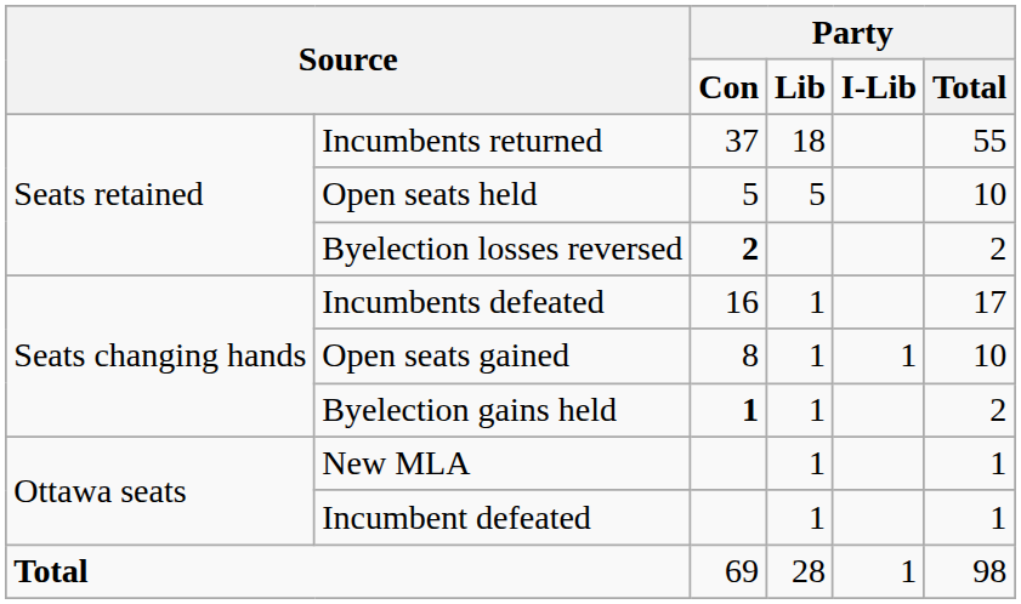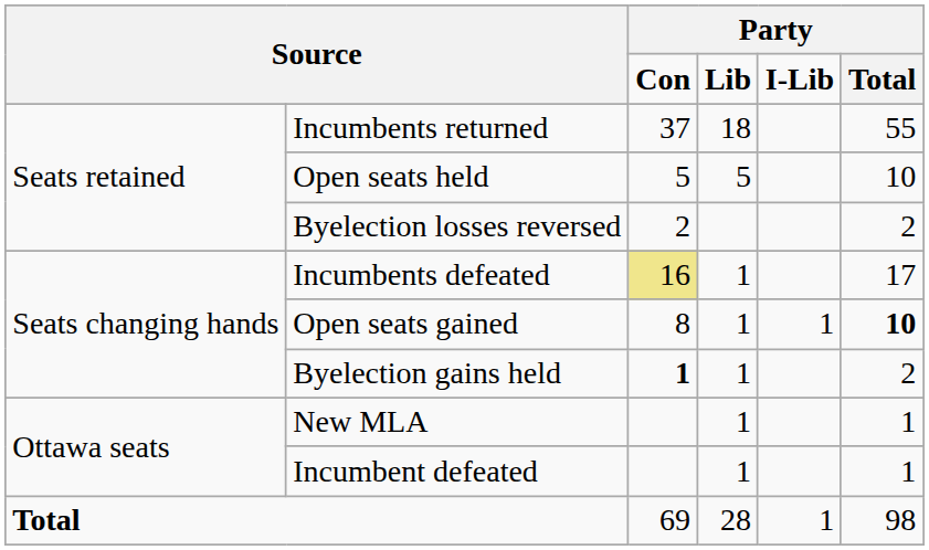 <table class="wikitable" style="text-align:right;">
 <tr>
 <th colspan="2" rowspan="2">Source</th>
 <th colspan="4">Party</th>
 </tr>
 <tr>
 <td><strong>Con</strong></td>
 <td><strong>Lib</strong></td>
 <td><strong>I-Lib</strong></td>
 <th>Total</th>
 </tr>
 <tr>
 <td rowspan="3" style="text-align:left;">Seats retained</td>
 <td style="text-align:left;">Incumbents returned</td>
 <td>37</td>
 <td>18</td>
 <td></td>
 <td>55</td>
 </tr>
 <tr>
 <td style="text-align:left;">Open seats held</td>
 <td>5</td>
 <td>5</td>
 <td></td>
 <td>10</td>
 </tr>
 <tr>
 <td style="text-align:left;">Byelection losses reversed</td>
-<td><strong>2</strong></td>
+<td>2</td>
 <td></td>
 <td></td>
 <td>2</td>
 </tr>
 <tr>
 <td rowspan="3" style="text-align:left;">Seats changing hands</td>
 <td style="text-align:left;">Incumbents defeated</td>
-<td>16</td>
+<td style="background: khaki;">16</td>
 <td>1</td>
 <td></td>
 <td>17</td>
 </tr>
 <tr>
 <td style="text-align:left;">Open seats gained</td>
 <td>8</td>
 <td>1</td>
 <td>1</td>
-<td>10</td>
+<td><strong>10</strong></td>
 </tr>
 <tr>
 <td style="text-align:left;">Byelection gains held</td>
 <td><strong>1</strong></td>
 <td>1</td>
 <td></td>
 <td>2</td>
 </tr>
 <tr>
 <td rowspan="2" style="text-align:left;">Ottawa seats</td>
 <td style="text-align:left;">New MLA</td>
 <td></td>
 <td>1</td>
 <td></td>
 <td>1</td>
 </tr>
 <tr>
 <td style="text-align:left;">Incumbent defeated</td>
 <td></td>
 <td>1</td>
 <td></td>
 <td>1</td>
 </tr>
 <tr>
 <td colspan="2" style="text-align:left;"><strong>Total</strong></td>
 <td>69</td>
 <td>28</td>
 <td>1</td>
 <td>98</td>
 </tr>
 </table>
